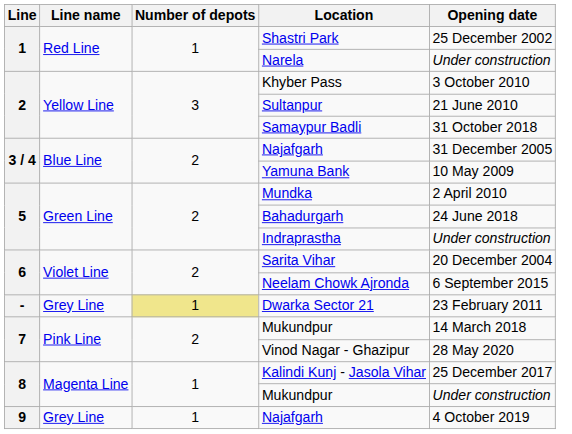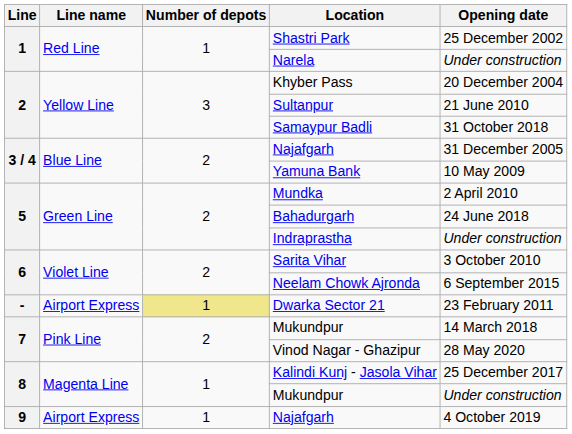 <table class="wikitable">
 <tr>
 <th>Line</th>
 <th>Line name</th>
 <th>Number of depots</th>
 <th>Location</th>
 <th>Opening date</th>
 </tr>
 <tr>
 <th rowspan="2">1</th>
 <td rowspan="2" style="background:#"><a href='#'><span>Red Line</span></a></td>
 <td rowspan="2" style="text-align:center">1</td>
 <td><a href='#'>Shastri Park</a></td>
 <td>25 December 2002</td>
 </tr>
 <tr>
 <td><a href='#'>Narela</a></td>
 <td><em>Under construction</em></td>
 </tr>
 <tr>
 <th rowspan="3">2</th>
 <td rowspan="3" style="background:#"><a href='#'><span>Yellow Line</span></a></td>
 <td rowspan="3" style="text-align:center">3</td>
 <td>Khyber Pass</td>
-<td>3 October 2010</td>
+<td>20 December 2004</td>
 </tr>
 <tr>
 <td><a href='#'>Sultanpur</a></td>
 <td>21 June 2010</td>
 </tr>
 <tr>
 <td><a href='#'>Samaypur Badli</a></td>
 <td>31 October 2018</td>
 </tr>
 <tr>
 <th rowspan="2">3 / 4</th>
 <td rowspan="2" style="background:#"><a href='#'><span>Blue Line</span></a></td>
 <td rowspan="2" style="text-align:center">2</td>
 <td><a href='#'>Najafgarh</a></td>
 <td>31 December 2005</td>
 </tr>
 <tr>
 <td><a href='#'>Yamuna Bank</a></td>
 <td>10 May 2009</td>
 </tr>
 <tr>
 <th rowspan="3">5</th>
 <td rowspan="3" style="background:#"><a href='#'><span>Green Line</span></a></td>
 <td rowspan="3" style="text-align:center">2</td>
 <td><a href='#'>Mundka</a></td>
 <td>2 April 2010</td>
 </tr>
 <tr>
 <td><a href='#'>Bahadurgarh</a></td>
 <td>24 June 2018</td>
 </tr>
 <tr>
 <td><a href='#'>Indraprastha</a></td>
 <td><em>Under construction</em></td>
 </tr>
 <tr>
 <th rowspan="2">6</th>
 <td rowspan="2" style="background:#"><a href='#'><span>Violet Line</span></a></td>
 <td rowspan="2" style="text-align:center">2</td>
 <td><a href='#'>Sarita Vihar</a></td>
-<td>20 December 2004</td>
+<td>3 October 2010</td>
 </tr>
 <tr>
 <td><a href='#'>Neelam Chowk Ajronda</a></td>
 <td>6 September 2015</td>
 </tr>
 <tr>
 <th rowspan="1">-</th>
-<td rowspan="1" style="background:#"><a href='#'><span>Grey Line</span></a></td>
+<td style="background:#"><a href='#'><span>Airport Express</span></a></td>
 <td style="background: khaki; text-align:center">1</td>
 <td><a href='#'>Dwarka Sector 21</a></td>
 <td>23 February 2011</td>
 </tr>
 <tr>
 <th rowspan="2">7</th>
 <td rowspan="2" style="background:#"><a href='#'><span>Pink Line</span></a></td>
 <td rowspan="2" style="text-align:center">2</td>
 <td>Mukundpur</td>
 <td>14 March 2018</td>
 </tr>
 <tr>
 <td>Vinod Nagar - Ghazipur</td>
 <td>28 May 2020</td>
 </tr>
 <tr>
 <th rowspan="2">8</th>
 <td rowspan="2" style="background:#"><a href='#'><span>Magenta Line</span></a></td>
 <td rowspan="2" style="text-align:center">1</td>
 <td><a href='#'>Kalindi Kunj</a> - <a href='#'>Jasola Vihar</a></td>
 <td>25 December 2017</td>
 </tr>
 <tr>
 <td>Mukundpur</td>
 <td><em>Under construction</em></td>
 </tr>
 <tr>
 <th rowspan="1">9</th>
-<td rowspan="1" style="background:#"><a href='#'><span>Grey Line</span></a></td>
+<td style="background:#"><a href='#'><span>Airport Express</span></a></td>
 <td rowspan="1" style="text-align:center">1</td>
 <td><a href='#'>Najafgarh</a></td>
 <td>4 October 2019</td>
 </tr>
 </table>
